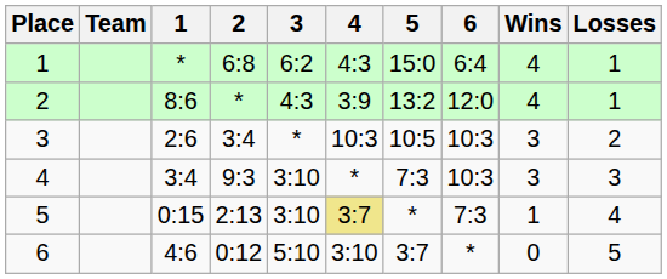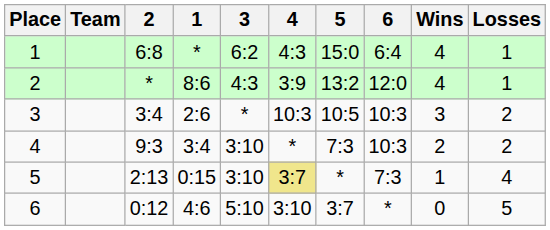 <table class="wikitable" style="text-align:center;">
 <tr>
 <th>Place</th>
 <th>Team</th>
+<th width="25">2</th>
 <th width="25">1</th>
-<th width="25">2</th>
 <th width="25">3</th>
 <th width="25">4</th>
 <th width="25">5</th>
 <th width="25">6</th>
 <th>Wins</th>
 <th>Losses</th>
 </tr>
 <tr bgcolor=#cfc>
 <td>1</td>
 <td align=left></td>
+<td>6:8</td>
 <td>*</td>
-<td>6:8</td>
 <td>6:2</td>
 <td>4:3</td>
 <td>15:0</td>
 <td>6:4</td>
 <td>4</td>
 <td>1</td>
 </tr>
 <tr bgcolor=#cfc>
 <td>2</td>
 <td align=left></td>
+<td>*</td>
 <td>8:6</td>
-<td>*</td>
 <td>4:3</td>
 <td>3:9</td>
 <td>13:2</td>
 <td>12:0</td>
 <td>4</td>
 <td>1</td>
 </tr>
 <tr>
 <td>3</td>
 <td align=left></td>
+<td>3:4</td>
 <td>2:6</td>
-<td>3:4</td>
 <td>*</td>
 <td>10:3</td>
 <td>10:5</td>
 <td>10:3</td>
 <td>3</td>
 <td>2</td>
 </tr>
 <tr>
 <td>4</td>
 <td align=left></td>
+<td>9:3</td>
 <td>3:4</td>
-<td>9:3</td>
 <td>3:10</td>
 <td>*</td>
 <td>7:3</td>
 <td>10:3</td>
-<td>3</td>
-<td>3</td>
+<td>2</td>
+<td>2</td>
 </tr>
 <tr>
 <td>5</td>
 <td align=left></td>
+<td>2:13</td>
 <td>0:15</td>
-<td>2:13</td>
 <td>3:10</td>
 <td style="background: khaki;">3:7</td>
 <td>*</td>
 <td>7:3</td>
 <td>1</td>
 <td>4</td>
 </tr>
 <tr>
 <td>6</td>
 <td align=left></td>
+<td>0:12</td>
 <td>4:6</td>
-<td>0:12</td>
 <td>5:10</td>
 <td>3:10</td>
 <td>3:7</td>
 <td>*</td>
 <td>0</td>
 <td>5</td>
 </tr>
 </table>
